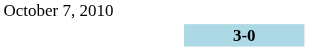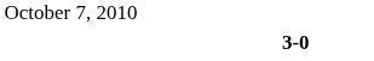 <table style="font-size:90%">
 <tr>
 <td>October 7, 2010</td>
 </tr>
 <tr>
 <td style="width:150px; text-align:right;"></td>
-<td style="background: lightblue; width:100px; text-align:center;"><strong>3-0</strong></td>
+<td style="width:100px; text-align:center;"><strong>3-0</strong></td>
 <td width=150></td>
 </tr>
 </table>
